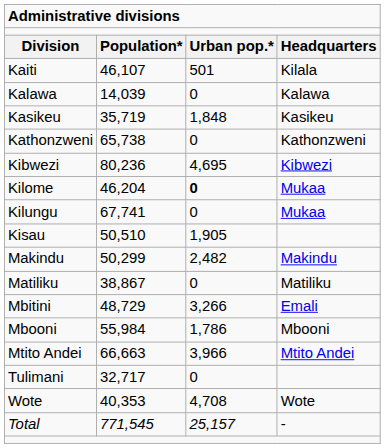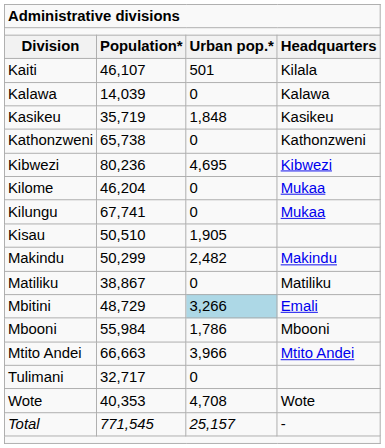 <table class="wikitable">
 <tr>
 <td colspan="4"><strong>Administrative divisions</strong></td>
 </tr>
 <tr>
 <td colspan="4"></td>
 </tr>
 <tr>
 <th>Division</th>
 <th>Population*</th>
 <th>Urban pop.*</th>
 <th>Headquarters</th>
 </tr>
 <tr>
 <td>Kaiti</td>
 <td>46,107</td>
 <td>501</td>
 <td>Kilala</td>
 </tr>
 <tr>
 <td>Kalawa</td>
 <td>14,039</td>
 <td>0</td>
 <td>Kalawa</td>
 </tr>
 <tr>
 <td>Kasikeu</td>
 <td>35,719</td>
 <td>1,848</td>
 <td>Kasikeu</td>
 </tr>
 <tr>
 <td>Kathonzweni</td>
 <td>65,738</td>
 <td>0</td>
 <td>Kathonzweni</td>
 </tr>
 <tr>
 <td>Kibwezi</td>
 <td>80,236</td>
 <td>4,695</td>
 <td><a href='#'>Kibwezi</a></td>
 </tr>
 <tr>
 <td>Kilome</td>
 <td>46,204</td>
-<td><strong>0</strong></td>
+<td>0</td>
 <td><a href='#'>Mukaa</a></td>
 </tr>
 <tr>
 <td>Kilungu</td>
 <td>67,741</td>
 <td>0</td>
 <td><a href='#'>Mukaa</a></td>
 </tr>
 <tr>
 <td>Kisau</td>
 <td>50,510</td>
 <td>1,905</td>
 <td></td>
 </tr>
 <tr>
 <td>Makindu</td>
 <td>50,299</td>
 <td>2,482</td>
 <td><a href='#'>Makindu</a></td>
 </tr>
 <tr>
 <td>Matiliku</td>
 <td>38,867</td>
 <td>0</td>
 <td>Matiliku</td>
 </tr>
 <tr>
 <td>Mbitini</td>
 <td>48,729</td>
-<td>3,266</td>
+<td style="background: lightblue;">3,266</td>
 <td><a href='#'>Emali</a></td>
 </tr>
 <tr>
 <td>Mbooni</td>
 <td>55,984</td>
 <td>1,786</td>
 <td>Mbooni</td>
 </tr>
 <tr>
 <td>Mtito Andei</td>
 <td>66,663</td>
 <td>3,966</td>
 <td><a href='#'>Mtito Andei</a></td>
 </tr>
 <tr>
 <td>Tulimani</td>
 <td>32,717</td>
 <td>0</td>
 <td></td>
 </tr>
 <tr>
 <td>Wote</td>
 <td>40,353</td>
 <td>4,708</td>
 <td>Wote</td>
 </tr>
 <tr>
 <td><em>Total</em></td>
 <td><em>771,545</em></td>
 <td><em>25,157</em></td>
 <td>-</td>
 </tr>
 <tr>
 <td colspan="4"></td>
 </tr>
 </table>
